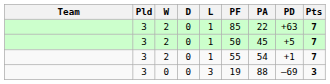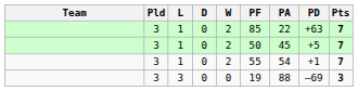 <table class="wikitable" style="text-align:center;">
 <tr>
 <th width=175>Team</th>
 <th width=25 abbr="Played">Pld</th>
+<th width=25 abbr="Lost">L</th>
+<th width=25 abbr="Drawn">D</th>
 <th width=25 abbr="Won">W</th>
-<th width=25 abbr="Drawn">D</th>
-<th width=25 abbr="Lost">L</th>
 <th width=32 abbr="Points for">PF</th>
 <th width=32 abbr="Points against">PA</th>
 <th width=32 abbr="Points difference">PD</th>
 <th width=25 abbr="Points">Pts</th>
 </tr>
 <tr bgcolor=ccffcc>
 <td align=left></td>
 <td>3</td>
+<td>1</td>
+<td>0</td>
 <td>2</td>
-<td>0</td>
-<td>1</td>
 <td>85</td>
 <td>22</td>
 <td>+63</td>
 <td><strong>7</strong></td>
 </tr>
 <tr bgcolor=ccffcc>
 <td align=left></td>
 <td>3</td>
+<td>1</td>
+<td>0</td>
 <td>2</td>
-<td>0</td>
-<td>1</td>
 <td>50</td>
 <td>45</td>
 <td>+5</td>
 <td><strong>7</strong></td>
 </tr>
 <tr>
 <td align=left></td>
 <td>3</td>
+<td>1</td>
+<td>0</td>
 <td>2</td>
-<td>0</td>
-<td>1</td>
 <td>55</td>
 <td>54</td>
 <td>+1</td>
 <td><strong>7</strong></td>
 </tr>
 <tr>
 <td align=left></td>
 <td>3</td>
+<td>3</td>
 <td>0</td>
 <td>0</td>
-<td>3</td>
 <td>19</td>
 <td>88</td>
 <td>–69</td>
 <td><strong>3</strong></td>
 </tr>
 </table>
